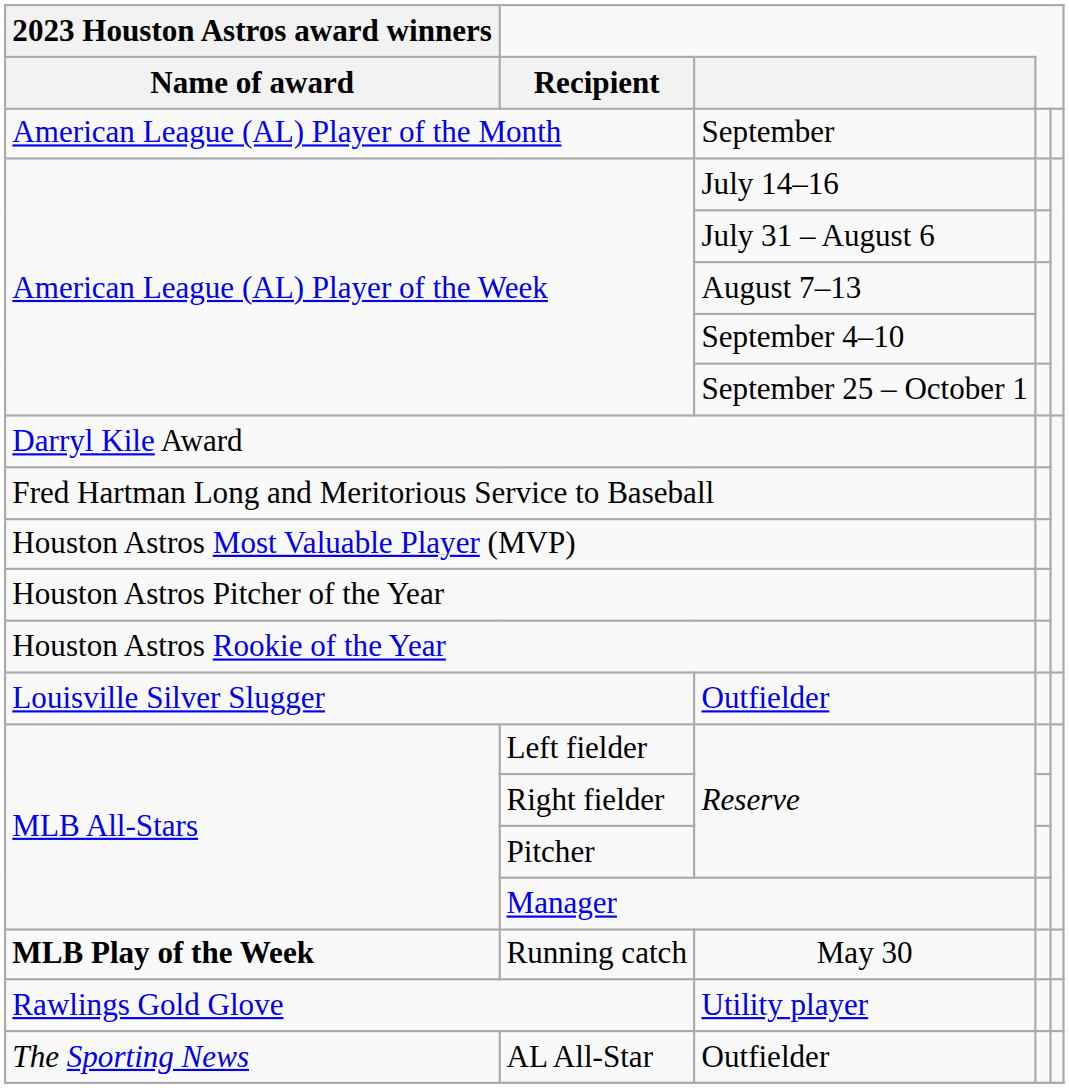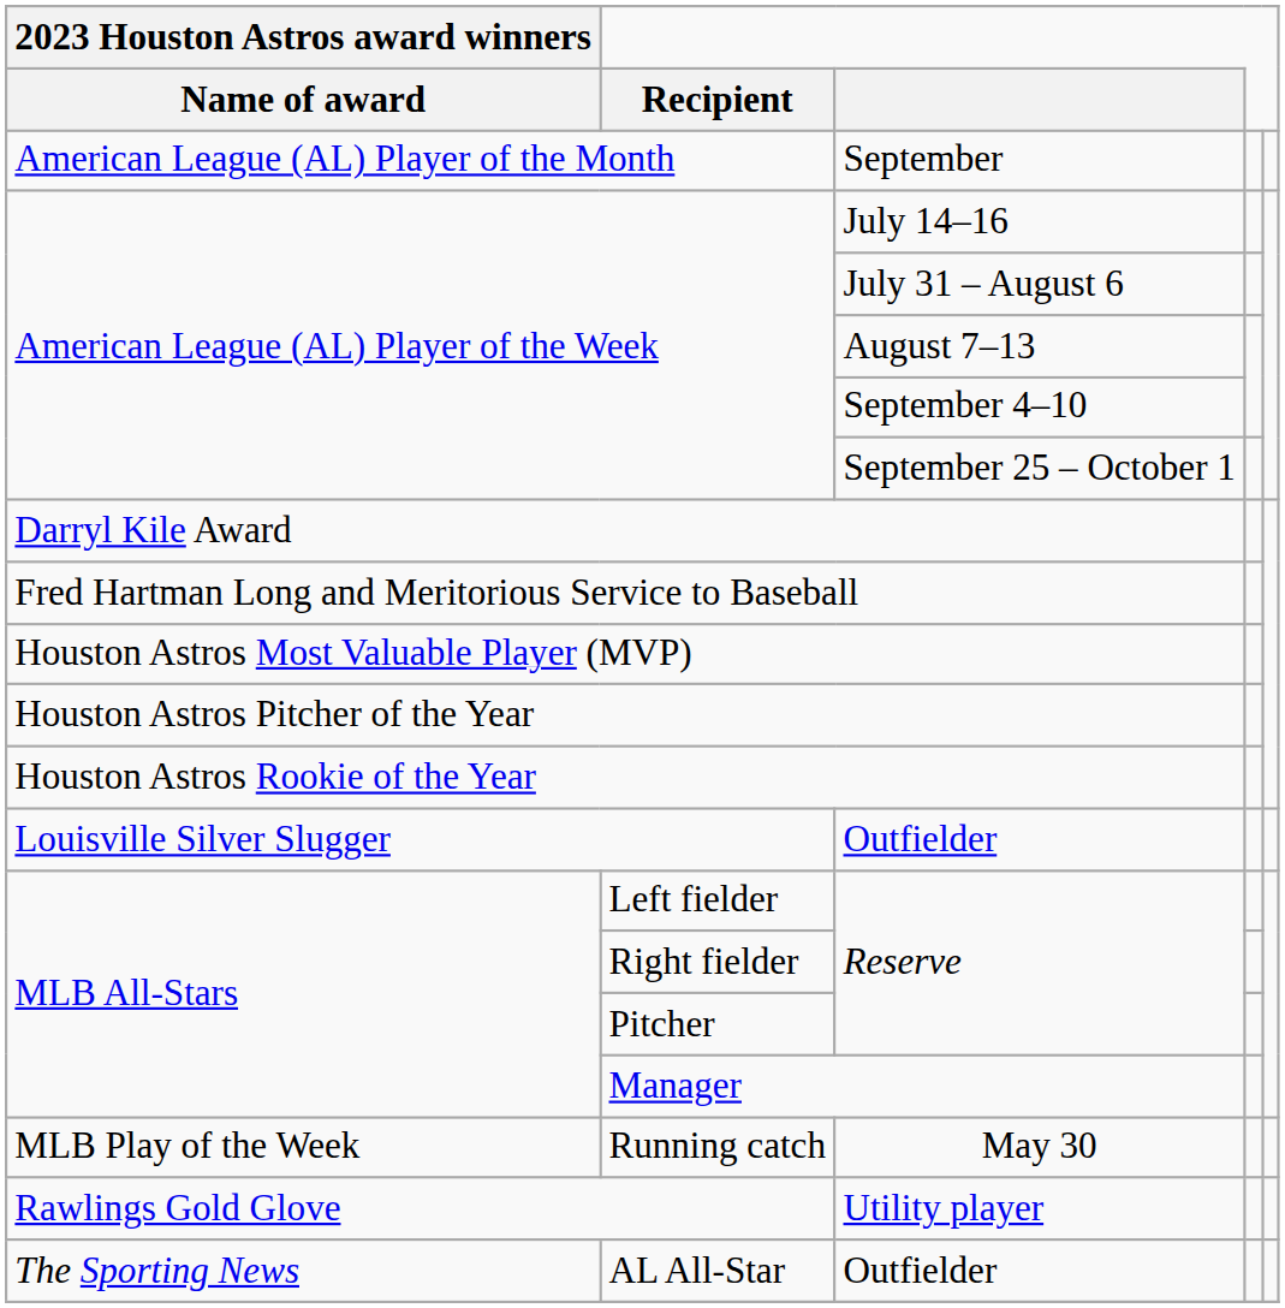 <table class="wikitable sortable" margin: 5px; text-align: center; style="font-size: 90%">
 <tr>
 <th><strong>2023 Houston Astros award winners</strong></th>
 </tr>
 <tr>
 <th>Name of award</th>
 <th>Recipient</th>
 <th></th>
 </tr>
 <tr>
 <td colspan="2"><a href='#'>American League (AL) Player of the Month</a></td>
 <td>September</td>
 <td align="center"></td>
 <td align="center"></td>
 </tr>
 <tr>
 <td rowspan="5" colspan="2"><a href='#'>American League (AL) Player of the Week</a></td>
 <td align="left">July 14–16</td>
 <td align="center"></td>
 <td rowspan="5" align="center"></td>
 </tr>
 <tr>
 <td align="left">July 31 – August 6</td>
 <td align="center"></td>
 </tr>
 <tr>
 <td align="left">August 7–13</td>
 <td rowspan="2" align="center"></td>
 </tr>
 <tr>
 <td align="left">September 4–10</td>
 </tr>
 <tr>
 <td align="left">September 25 – October 1</td>
 <td align="center"></td>
 </tr>
 <tr>
 <td colspan="3"><a href='#'>Darryl Kile</a> Award</td>
 <td align="center"></td>
 <td rowspan="5" align="center"></td>
 </tr>
 <tr>
 <td colspan="3">Fred Hartman Long and Meritorious Service to Baseball</td>
 <td align="center"></td>
 </tr>
 <tr>
 <td colspan="3">Houston Astros <a href='#'>Most Valuable Player</a> (MVP)</td>
 <td align="center"></td>
 </tr>
 <tr>
 <td colspan="3">Houston Astros Pitcher of the Year</td>
 <td align="center"></td>
 </tr>
 <tr>
 <td colspan="3">Houston Astros <a href='#'>Rookie of the Year</a></td>
 <td align="center"></td>
 </tr>
 <tr>
 <td colspan="2"><a href='#'>Louisville Silver Slugger</a></td>
 <td><a href='#'>Outfielder</a></td>
 <td align="center"></td>
 <td align="center"></td>
 </tr>
 <tr>
 <td rowspan="4"><a href='#'>MLB All-Stars</a></td>
 <td align="left">Left fielder</td>
 <td align="left" rowspan="3"><em>Reserve</em></td>
 <td align="center"></td>
 <td align="center" rowspan="4"></td>
 </tr>
 <tr>
 <td align="left">Right fielder</td>
 <td align="center"></td>
 </tr>
 <tr>
 <td align="left">Pitcher</td>
 <td align="center"></td>
 </tr>
 <tr>
 <td align="left" colspan="2"><a href='#'>Manager</a></td>
 <td align="center"></td>
 </tr>
 <tr>
-<td><strong>MLB Play of the Week</strong></td>
+<td>MLB Play of the Week</td>
 <td>Running catch</td>
 <td align="center">May 30</td>
 <td align="center"></td>
 <td align="center"></td>
 </tr>
 <tr>
 <td colspan="2"><a href='#'>Rawlings Gold Glove</a></td>
 <td><a href='#'>Utility player</a></td>
 <td align="center"></td>
 <td align="center"></td>
 </tr>
 <tr>
 <td rowspan="2"><em>The <a href='#'>Sporting News</a></em></td>
 <td>AL All-Star</td>
 <td>Outfielder</td>
 <td align="center"></td>
 <td align="center"></td>
 </tr>
 <tr>
 </tr>
 </table>
